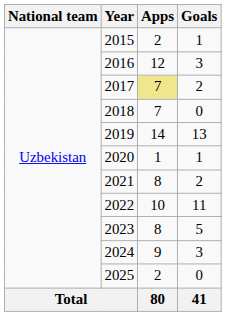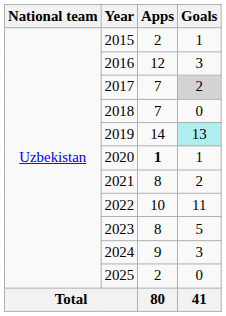 <table class="wikitable" style="text-align:center">
 <tr>
 <th>National team</th>
 <th>Year</th>
 <th>Apps</th>
 <th>Goals</th>
 </tr>
 <tr>
 <td rowspan="11"><a href='#'>Uzbekistan</a></td>
 <td>2015</td>
 <td>2</td>
 <td>1</td>
 </tr>
 <tr>
 <td>2016</td>
 <td>12</td>
 <td>3</td>
 </tr>
 <tr>
 <td>2017</td>
-<td style="background: khaki;">7</td>
-<td>2</td>
+<td>7</td>
+<td style="background: lightgrey;">2</td>
 </tr>
 <tr>
 <td>2018</td>
 <td>7</td>
 <td>0</td>
 </tr>
 <tr>
 <td>2019</td>
 <td>14</td>
-<td>13</td>
+<td style="background: paleturquoise;">13</td>
 </tr>
 <tr>
 <td>2020</td>
-<td>1</td>
+<td><strong>1</strong></td>
 <td>1</td>
 </tr>
 <tr>
 <td>2021</td>
 <td>8</td>
 <td>2</td>
 </tr>
 <tr>
 <td>2022</td>
 <td>10</td>
 <td>11</td>
 </tr>
 <tr>
 <td>2023</td>
 <td>8</td>
 <td>5</td>
 </tr>
 <tr>
 <td>2024</td>
 <td>9</td>
 <td>3</td>
 </tr>
 <tr>
 <td>2025</td>
 <td>2</td>
 <td>0</td>
 </tr>
 <tr>
 <th colspan="2">Total</th>
 <th>80</th>
 <th>41</th>
 </tr>
 </table>
